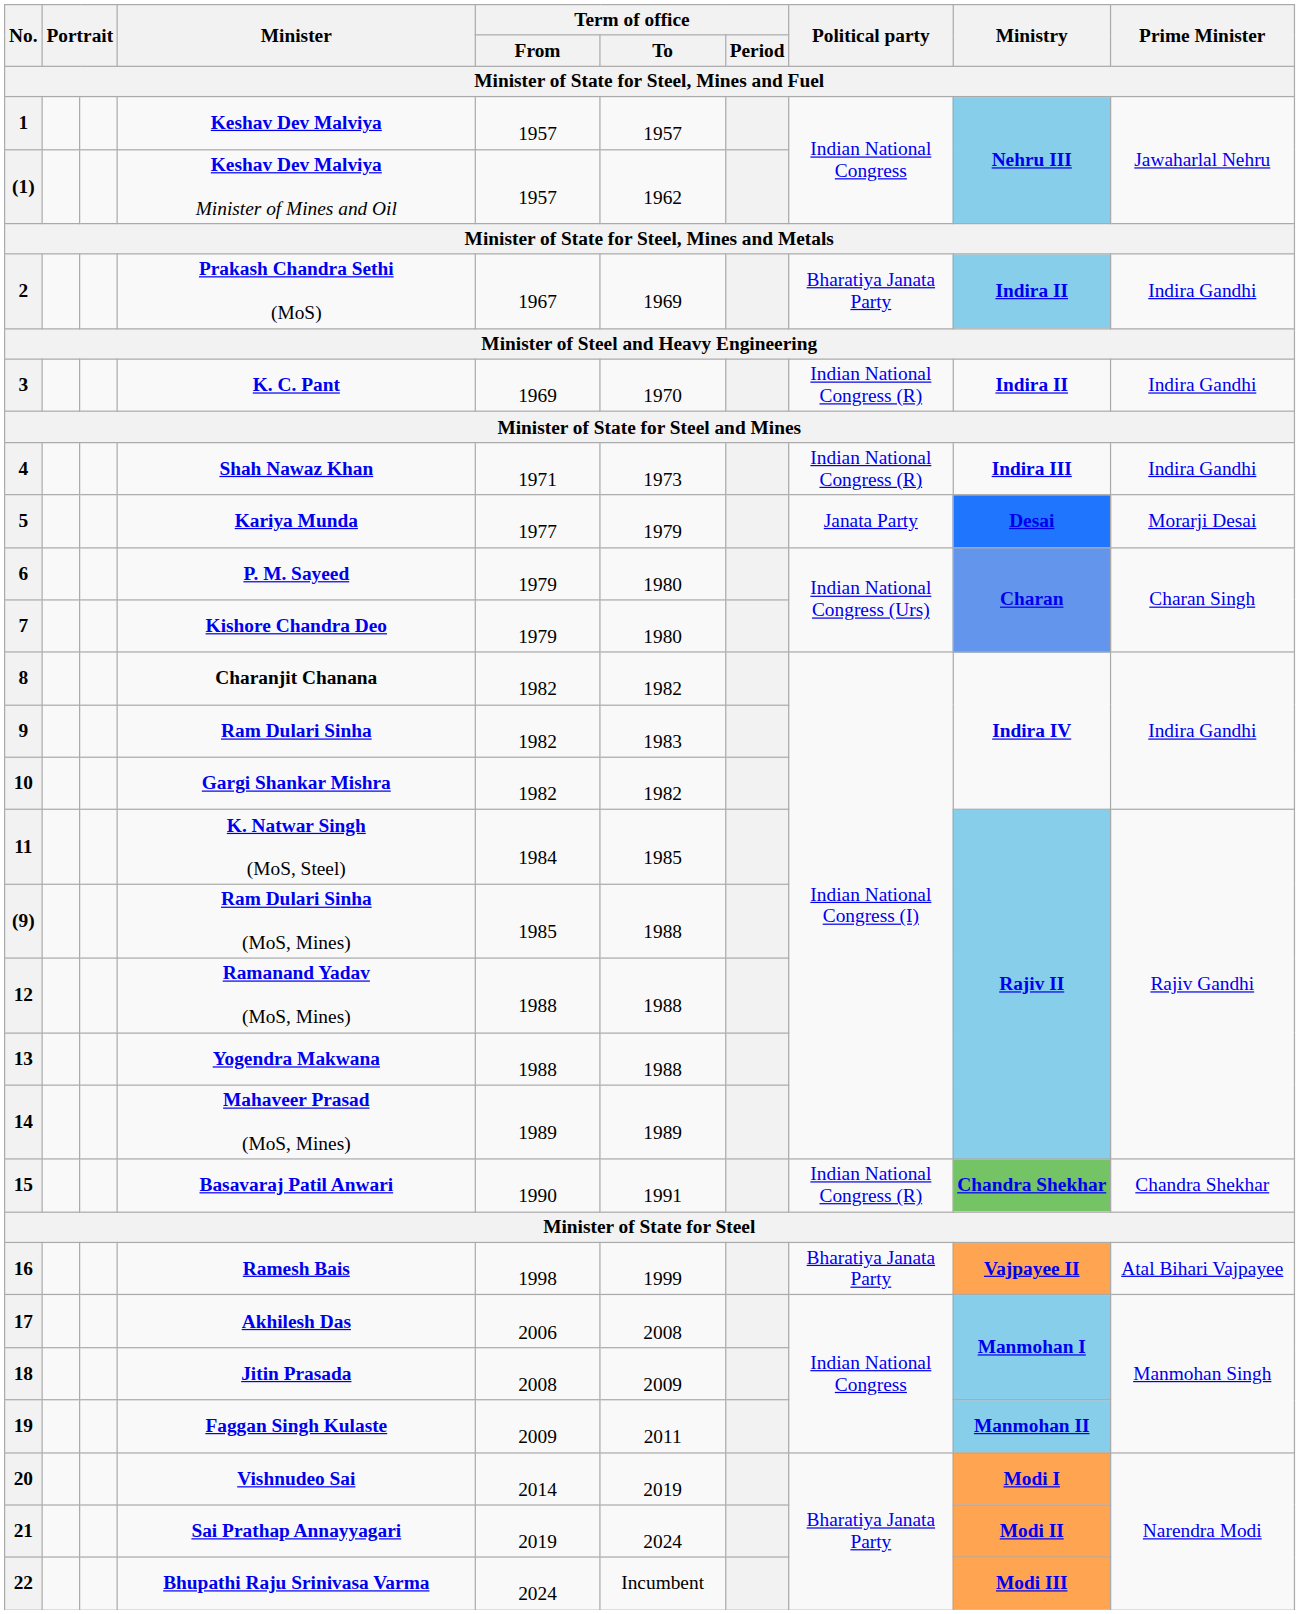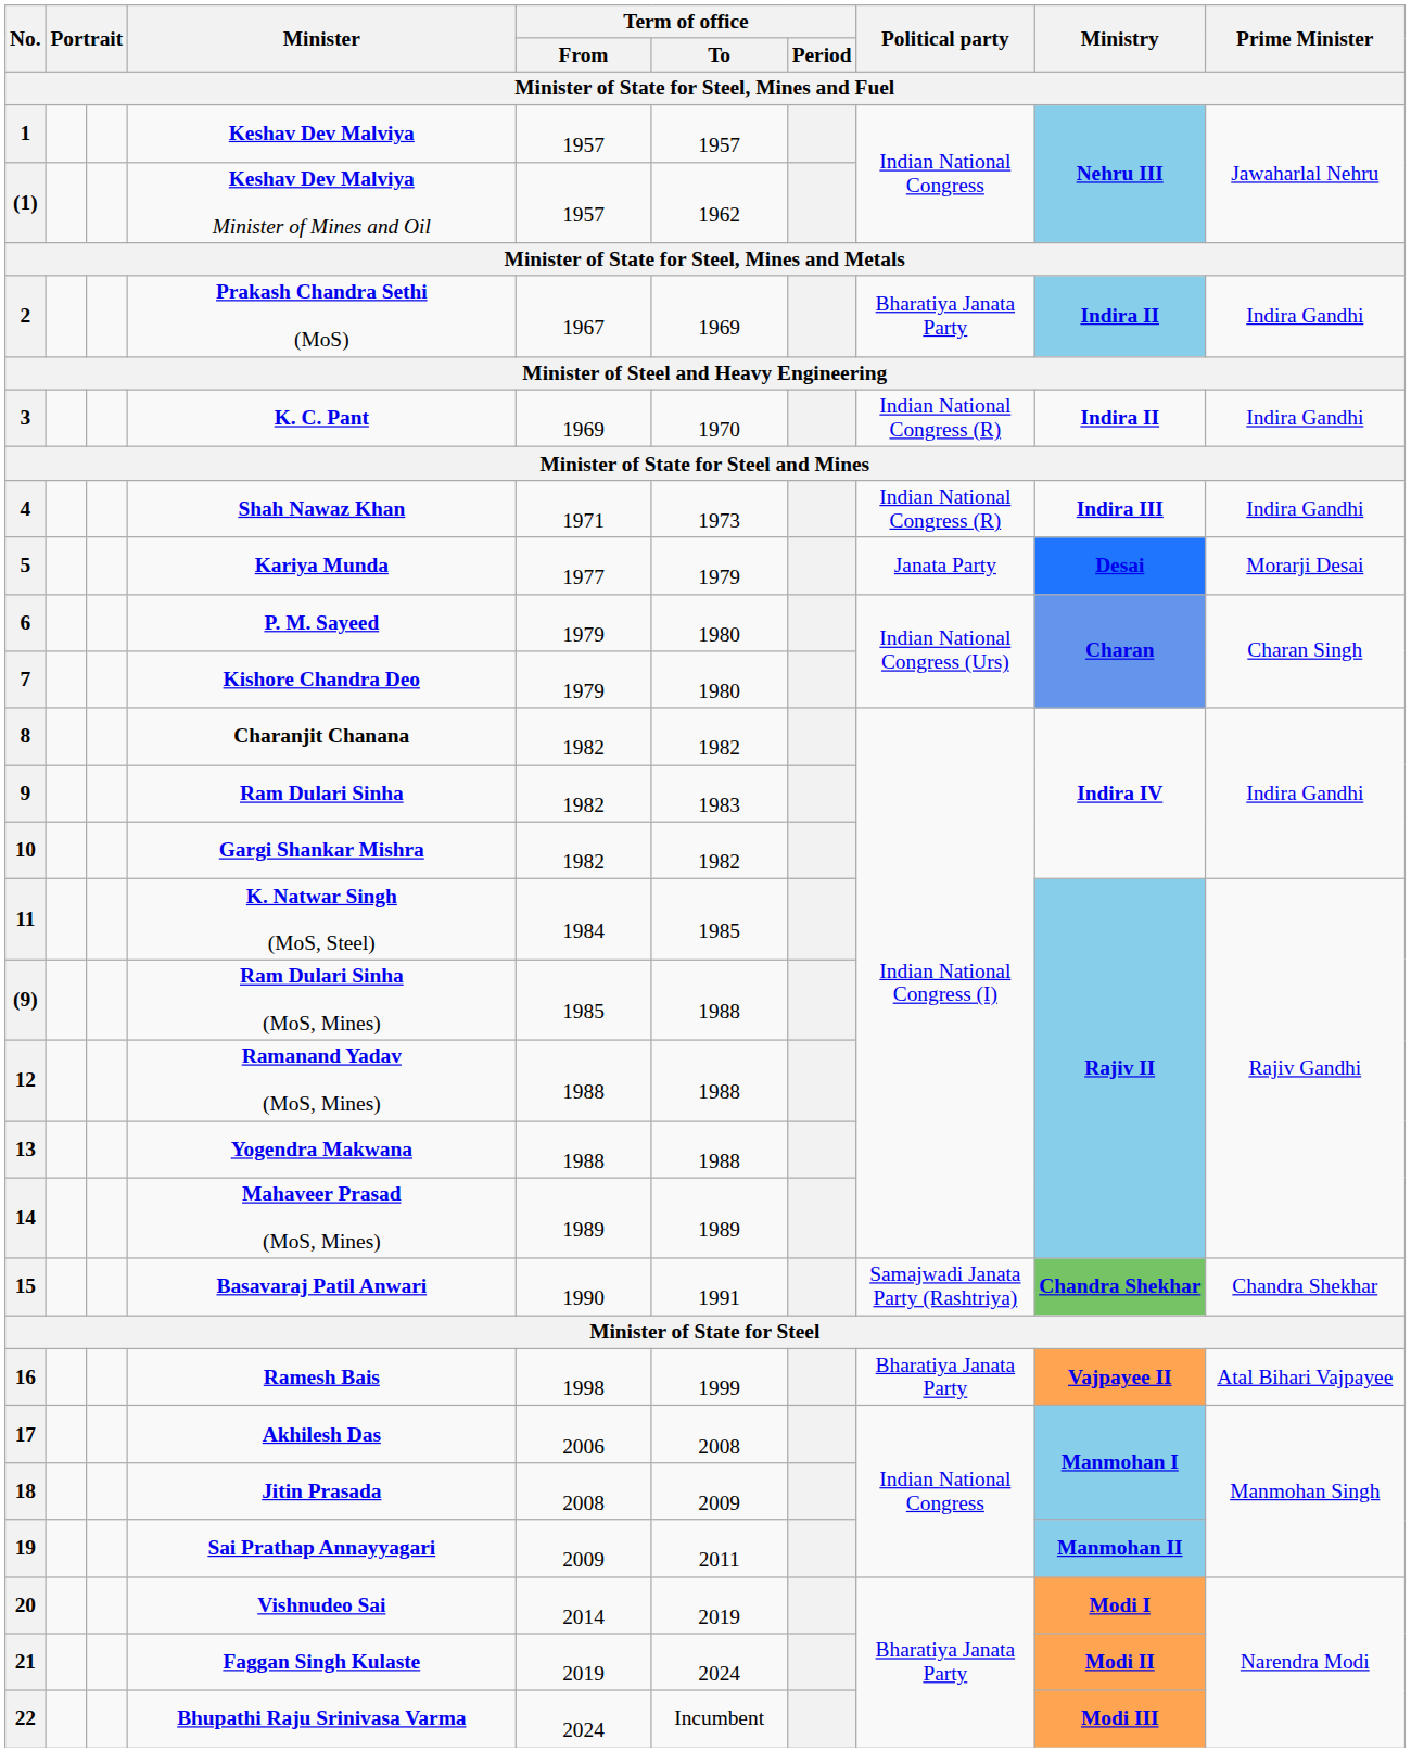 <table class="wikitable" style="text-align:center">
 <tr>
 <th rowspan="2">No.</th>
 <th rowspan="2" colspan="2">Portrait</th>
 <th rowspan="2" style="width:18em">Minister<br></th>
 <th colspan="3">Term of office</th>
 <th rowspan="2" style="width:8em">Political party</th>
 <th rowspan="2">Ministry</th>
 <th rowspan="2" style="width:9em">Prime Minister</th>
 </tr>
 <tr>
 <th style="width:6em">From</th>
 <th style="width:6em">To</th>
 <th>Period</th>
 </tr>
 <tr>
 <th colspan="10">Minister of State for Steel, Mines and Fuel</th>
 </tr>
 <tr>
 <th>1</th>
 <td></td>
 <td></td>
 <td><strong><a href='#'>Keshav Dev Malviya</a></strong><br></td>
 <td><br>1957</td>
 <td><br>1957</td>
 <th></th>
 <td rowspan="2"><a href='#'>Indian National Congress</a></td>
 <td rowspan="2" bgcolor="#87CEEB"><strong><a href='#'>Nehru III</a></strong></td>
 <td rowspan="2"><a href='#'>Jawaharlal Nehru</a></td>
 </tr>
 <tr>
 <th>(1)</th>
 <td></td>
 <td></td>
 <td><strong><a href='#'>Keshav Dev Malviya</a></strong><br><br><em>Minister of Mines and Oil</em></td>
 <td><br>1957</td>
 <td><br>1962</td>
 <th></th>
 </tr>
 <tr>
 <th colspan="10">Minister of State for Steel, Mines and Metals</th>
 </tr>
 <tr>
 <th>2</th>
 <td></td>
 <td></td>
 <td><strong><a href='#'>Prakash Chandra Sethi</a></strong><br><br>(MoS)</td>
 <td><br>1967</td>
 <td><br>1969</td>
 <th></th>
 <td><a href='#'>Bharatiya Janata Party</a></td>
 <td bgcolor="#87CEEB"><strong><a href='#'>Indira II</a></strong></td>
 <td><a href='#'>Indira Gandhi</a></td>
 </tr>
 <tr>
 <th colspan="10">Minister of Steel and Heavy Engineering</th>
 </tr>
 <tr>
 <th>3</th>
 <td></td>
 <td></td>
 <td><strong><a href='#'>K. C. Pant</a></strong><br></td>
 <td><br>1969</td>
 <td><br>1970</td>
 <th></th>
 <td><a href='#'>Indian National Congress (R)</a></td>
 <td><strong><a href='#'>Indira II</a></strong></td>
 <td><a href='#'>Indira Gandhi</a></td>
 </tr>
 <tr>
 <th colspan="10">Minister of State for Steel and Mines</th>
 </tr>
 <tr>
 <th>4</th>
 <td></td>
 <td></td>
 <td><strong><a href='#'>Shah Nawaz Khan</a></strong><br></td>
 <td><br>1971</td>
 <td><br>1973</td>
 <th></th>
 <td><a href='#'>Indian National Congress (R)</a></td>
 <td><strong><a href='#'>Indira III</a></strong></td>
 <td><a href='#'>Indira Gandhi</a></td>
 </tr>
 <tr>
 <th>5</th>
 <td></td>
 <td></td>
 <td><strong><a href='#'>Kariya Munda</a></strong><br></td>
 <td><br>1977</td>
 <td><br>1979</td>
 <th></th>
 <td><a href='#'>Janata Party</a></td>
 <td bgcolor="#1F75FE"><strong><a href='#'>Desai</a></strong></td>
 <td><a href='#'>Morarji Desai</a></td>
 </tr>
 <tr>
 <th>6</th>
 <td></td>
 <td></td>
 <td><strong><a href='#'>P. M. Sayeed</a></strong><br></td>
 <td><br>1979</td>
 <td><br>1980</td>
 <th></th>
 <td rowspan="2"><a href='#'>Indian National Congress (Urs)</a></td>
 <td rowspan="2" bgcolor="#6495ED"><strong><a href='#'>Charan</a></strong></td>
 <td rowspan="2"><a href='#'>Charan Singh</a></td>
 </tr>
 <tr>
 <th>7</th>
 <td></td>
 <td></td>
 <td><strong><a href='#'>Kishore Chandra Deo</a></strong><br></td>
 <td><br>1979</td>
 <td><br>1980</td>
 <th></th>
 </tr>
 <tr>
 <th>8</th>
 <td></td>
 <td></td>
 <td><strong>Charanjit Chanana</strong><br></td>
 <td><br>1982</td>
 <td><br>1982</td>
 <th></th>
 <td rowspan="8"><a href='#'>Indian National Congress (I)</a></td>
 <td rowspan="3"><strong><a href='#'>Indira IV</a></strong></td>
 <td rowspan="3"><a href='#'>Indira Gandhi</a></td>
 </tr>
 <tr>
 <th>9</th>
 <td></td>
 <td></td>
 <td><strong><a href='#'>Ram Dulari Sinha</a></strong><br></td>
 <td><br>1982</td>
 <td><br>1983</td>
 <th></th>
 </tr>
 <tr>
 <th>10</th>
 <td></td>
 <td></td>
 <td><strong><a href='#'>Gargi Shankar Mishra</a></strong><br></td>
 <td><br>1982</td>
 <td><br>1982</td>
 <th></th>
 </tr>
 <tr>
 <th>11</th>
 <td></td>
 <td></td>
 <td><strong><a href='#'>K. Natwar Singh</a></strong><br><br>(MoS, Steel)</td>
 <td><br>1984</td>
 <td><br>1985</td>
 <th></th>
 <td bgcolor="#87CEEB" rowspan="5"><a href='#'><strong>Rajiv II</strong></a></td>
 <td rowspan="5"><a href='#'>Rajiv Gandhi</a></td>
 </tr>
 <tr>
 <th>(9)</th>
 <td></td>
 <td></td>
 <td><strong><a href='#'>Ram Dulari Sinha</a></strong><br><br>(MoS, Mines)</td>
 <td><br>1985</td>
 <td><br>1988</td>
 <th></th>
 </tr>
 <tr>
 <th>12</th>
 <td></td>
 <td></td>
 <td><strong><a href='#'>Ramanand Yadav</a></strong><br><br>(MoS, Mines)</td>
 <td><br>1988</td>
 <td><br>1988</td>
 <th></th>
 </tr>
 <tr>
 <th>13</th>
 <td></td>
 <td></td>
 <td><strong><a href='#'>Yogendra Makwana</a></strong><br></td>
 <td><br>1988</td>
 <td><br>1988</td>
 <th></th>
 </tr>
 <tr>
 <th>14</th>
 <td></td>
 <td></td>
 <td><strong><a href='#'>Mahaveer Prasad</a></strong><br><br>(MoS, Mines)</td>
 <td><br>1989</td>
 <td><br>1989</td>
 <th></th>
 </tr>
 <tr>
 <th>15</th>
 <td></td>
 <td></td>
 <td><strong><a href='#'>Basavaraj Patil Anwari</a></strong><br></td>
 <td><br>1990</td>
 <td><br>1991</td>
 <th></th>
-<td><a href='#'>Indian National Congress (R)</a></td>
+<td><a href='#'>Samajwadi Janata Party (Rashtriya)</a></td>
 <td style="background:#74C365"><strong><a href='#'>Chandra Shekhar</a></strong></td>
 <td><a href='#'>Chandra Shekhar</a></td>
 </tr>
 <tr>
 <th colspan="10">Minister of State for Steel</th>
 </tr>
 <tr>
 <th>16</th>
 <td></td>
 <td></td>
 <td><strong><a href='#'>Ramesh Bais</a></strong><br></td>
 <td><br>1998</td>
 <td><br>1999</td>
 <th></th>
 <td><a href='#'>Bharatiya Janata Party</a></td>
 <td style="background:#FFA551;"><strong><a href='#'>Vajpayee II</a></strong></td>
 <td><a href='#'>Atal Bihari Vajpayee</a></td>
 </tr>
 <tr>
 <th>17</th>
 <td></td>
 <td></td>
 <td><strong><a href='#'>Akhilesh Das</a></strong><br></td>
 <td><br>2006</td>
 <td><br>2008</td>
 <th></th>
 <td rowspan="3"><a href='#'>Indian National Congress</a></td>
 <td rowspan="2" bgcolor="#87CEEB"><a href='#'><strong>Manmohan I</strong></a></td>
 <td rowspan="3"><a href='#'>Manmohan Singh</a></td>
 </tr>
 <tr>
 <th>18</th>
 <td></td>
 <td></td>
 <td><strong><a href='#'>Jitin Prasada</a></strong><br></td>
 <td><br>2008</td>
 <td><br>2009</td>
 <th></th>
 </tr>
 <tr>
 <th>19</th>
 <td></td>
 <td></td>
-<td><strong><a href='#'>Faggan Singh Kulaste</a></strong><br></td>
+<td><strong><a href='#'>Sai Prathap Annayyagari</a></strong><br></td>
 <td><br>2009</td>
 <td><br>2011</td>
 <th></th>
 <td bgcolor="#87CEEB"><a href='#'><strong>Manmohan II</strong></a></td>
 </tr>
 <tr>
 <th>20</th>
 <td></td>
 <td></td>
 <td><strong><a href='#'>Vishnudeo Sai</a></strong><br></td>
 <td><br>2014</td>
 <td><br>2019</td>
 <th></th>
 <td rowspan="3"><a href='#'>Bharatiya Janata Party</a></td>
 <td style="background:#FFA551;"><strong><a href='#'>Modi I</a></strong></td>
 <td rowspan="3"><a href='#'>Narendra Modi</a></td>
 </tr>
 <tr>
 <th>21</th>
 <td></td>
 <td></td>
-<td><strong><a href='#'>Sai Prathap Annayyagari</a></strong><br></td>
+<td><strong><a href='#'>Faggan Singh Kulaste</a></strong><br></td>
 <td><br>2019</td>
 <td><br>2024</td>
 <th></th>
 <td style="background:#FFA551;"><strong><a href='#'>Modi II</a></strong></td>
 </tr>
 <tr>
 <th>22</th>
 <td></td>
 <td></td>
 <td><strong><a href='#'>Bhupathi Raju Srinivasa Varma</a></strong><br></td>
 <td><br>2024</td>
 <td>Incumbent</td>
 <th></th>
 <td style="background:#FFA551;"><strong><a href='#'>Modi III</a></strong></td>
 </tr>
 </table>
